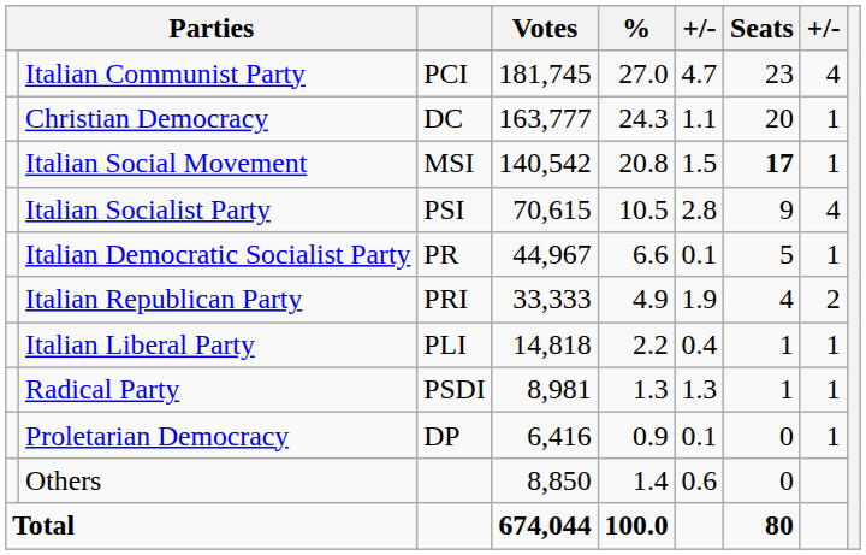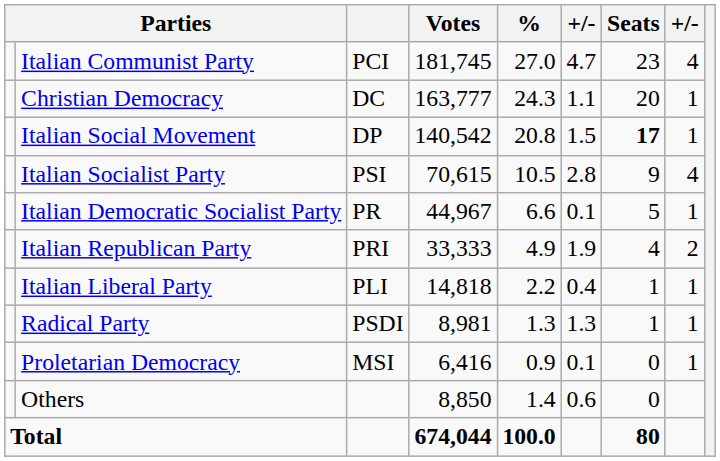 <table class="wikitable">
 <tr>
 <th colspan="2">Parties</th>
 <th></th>
 <th>Votes</th>
 <th>%</th>
 <th>+/-</th>
 <th>Seats</th>
 <th>+/-</th>
 <th rowspan="12"></th>
 </tr>
 <tr>
 <td style="background-color:"></td>
 <td><a href='#'>Italian Communist Party</a></td>
 <td>PCI</td>
 <td align=right>181,745</td>
 <td align=right>27.0</td>
 <td align=right> 4.7</td>
 <td align=right>23</td>
 <td align=right> 4</td>
 </tr>
 <tr>
 <td style="background-color:"></td>
 <td><a href='#'>Christian Democracy</a></td>
 <td>DC</td>
 <td align=right>163,777</td>
 <td align=right>24.3</td>
 <td align=right> 1.1</td>
 <td align=right>20</td>
 <td align=right> 1</td>
 </tr>
 <tr>
 <td style="background-color:"></td>
 <td><a href='#'>Italian Social Movement</a></td>
-<td>MSI</td>
+<td>DP</td>
 <td align=right>140,542</td>
 <td align=right>20.8</td>
 <td align=right> 1.5</td>
 <td align=right><strong>17</strong></td>
 <td align=right> 1</td>
 </tr>
 <tr>
 <td style="background-color:"></td>
 <td><a href='#'>Italian Socialist Party</a></td>
 <td>PSI</td>
 <td align=right>70,615</td>
 <td align=right>10.5</td>
 <td align=right> 2.8</td>
 <td align=right>9</td>
 <td align=right> 4</td>
 </tr>
 <tr>
 <td style="background-color:"></td>
 <td><a href='#'>Italian Democratic Socialist Party</a></td>
 <td>PR</td>
 <td align=right>44,967</td>
 <td align=right>6.6</td>
 <td align=right> 0.1</td>
 <td align=right>5</td>
 <td align=right> 1</td>
 </tr>
 <tr>
 <td style="background-color:"></td>
 <td><a href='#'>Italian Republican Party</a></td>
 <td>PRI</td>
 <td align=right>33,333</td>
 <td align=right>4.9</td>
 <td align=right> 1.9</td>
 <td align=right>4</td>
 <td align=right> 2</td>
 </tr>
 <tr>
 <td style="background-color:"></td>
 <td><a href='#'>Italian Liberal Party</a></td>
 <td>PLI</td>
 <td align=right>14,818</td>
 <td align=right>2.2</td>
 <td align=right> 0.4</td>
 <td align=right>1</td>
 <td align=right> 1</td>
 </tr>
 <tr>
 <td style="background-color:"></td>
 <td><a href='#'>Radical Party</a></td>
 <td>PSDI</td>
 <td align=right>8,981</td>
 <td align=right>1.3</td>
 <td align=right> 1.3</td>
 <td align=right>1</td>
 <td align=right> 1</td>
 </tr>
 <tr>
 <td style="background-color:"></td>
 <td><a href='#'>Proletarian Democracy</a></td>
-<td>DP</td>
+<td>MSI</td>
 <td align=right>6,416</td>
 <td align=right>0.9</td>
 <td align=right> 0.1</td>
 <td align=right>0</td>
 <td align=right> 1</td>
 </tr>
 <tr>
 <td style="background-color:"></td>
 <td>Others</td>
 <td></td>
 <td align=right>8,850</td>
 <td align=right>1.4</td>
 <td align=right> 0.6</td>
 <td align=right>0</td>
 <td align=right></td>
 </tr>
 <tr>
 <td colspan="2"><strong>Total</strong></td>
 <td></td>
 <td align=right><strong>674,044</strong></td>
 <td align=right><strong>100.0</strong></td>
 <td align=right></td>
 <td align=right><strong>80</strong></td>
 <td align=right></td>
 </tr>
 </table>
